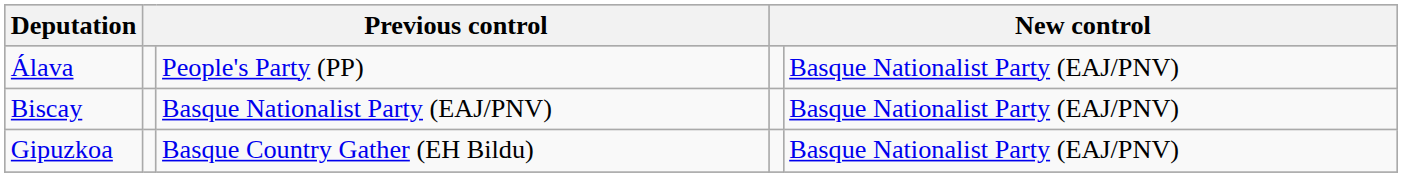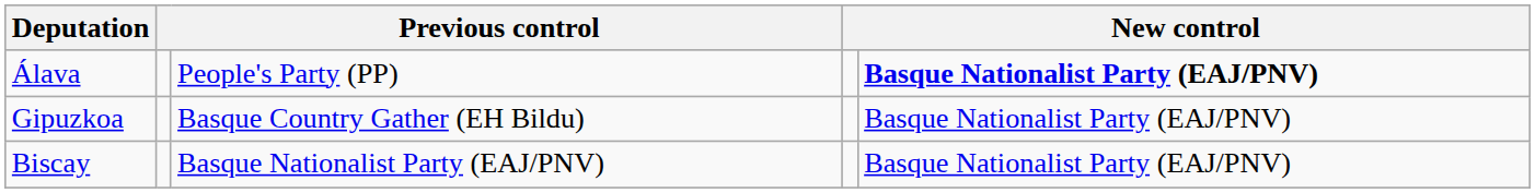 <table class="wikitable sortable">
 <tr>
 <th>Deputation</th>
 <th colspan="2" style="width:375px;">Previous control</th>
 <th colspan="2" style="width:375px;">New control</th>
 </tr>
 <tr>
 <td><a href='#'>Álava</a></td>
 <td width="1" style="color:inherit;background:"></td>
 <td><a href='#'>People's Party</a> (PP)</td>
 <td width="1" style="color:inherit;background:"></td>
+<td><strong><a href='#'>Basque Nationalist Party</a> (EAJ/PNV)</strong></td>
+</tr>
+<tr>
+<td><a href='#'>Gipuzkoa</a></td>
+<td style="color:inherit;background:"></td>
+<td><a href='#'>Basque Country Gather</a> (EH Bildu)</td>
+<td style="color:inherit;background:"></td>
 <td><a href='#'>Basque Nationalist Party</a> (EAJ/PNV)</td>
 </tr>
 <tr>
 <td><a href='#'>Biscay</a></td>
 <td style="color:inherit;background:"></td>
 <td><a href='#'>Basque Nationalist Party</a> (EAJ/PNV)</td>
 <td style="color:inherit;background:"></td>
 <td><a href='#'>Basque Nationalist Party</a> (EAJ/PNV)</td>
 </tr>
-<tr>
-<td><a href='#'>Gipuzkoa</a></td>
-<td style="color:inherit;background:"></td>
-<td><a href='#'>Basque Country Gather</a> (EH Bildu)</td>
-<td style="color:inherit;background:"></td>
-<td><a href='#'>Basque Nationalist Party</a> (EAJ/PNV)</td>
-</tr>
 </table>
